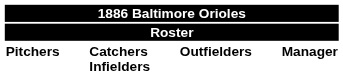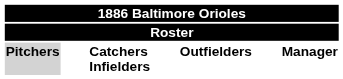 <table class="toccolours" style="font-size: 95%;">
 <tr>
 <th colspan="10" style="background:black; color:white; text-align:center;">1886 Baltimore Orioles</th>
 </tr>
 <tr>
 <td colspan="10" style="background:black; color:white; text-align:center;"><strong>Roster</strong></td>
 </tr>
 <tr>
-<td valign="top"><strong>Pitchers</strong><br>       </td>
+<td valign="top" style="background: lightgrey;"><strong>Pitchers</strong><br>       </td>
 <td style="width:25px;"></td>
 <td valign="top"><strong>Catchers</strong><br>      <strong>Infielders</strong>       </td>
 <td style="width:25px;"></td>
 <td valign="top"><strong>Outfielders</strong><br>         </td>
 <td style="width:25px;"></td>
 <td valign="top"><strong>Manager</strong><br></td>
 </tr>
 </table>
